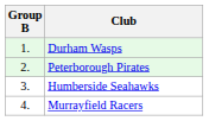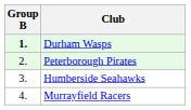 <table class="wikitable">
 <tr>
 <th width="30">Group B</th>
 <th width="200">Club</th>
 </tr>
 <tr bgcolor="#e6fae6" align="center">
-<td>1.</td>
+<td><strong>1.</strong></td>
 <td style="text-align: left"><a href='#'>Durham Wasps</a></td>
 </tr>
 <tr bgcolor="#e6fae6" align="center">
 <td>2.</td>
 <td style="text-align: left"><a href='#'>Peterborough Pirates</a></td>
 </tr>
 <tr bgcolor="#FFFFFF" align="center">
 <td>3.</td>
 <td style="text-align: left"><a href='#'>Humberside Seahawks</a></td>
 </tr>
 <tr bgcolor="#FFFFFF" align="center">
 <td>4.</td>
 <td style="text-align: left"><a href='#'>Murrayfield Racers</a></td>
 </tr>
 </table>
